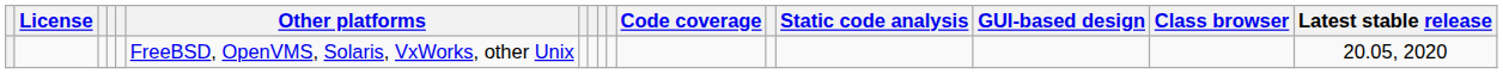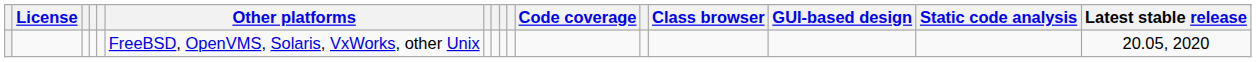 <table class="wikitable sortable sort-under" style="font-size: 85%; text-align: center; width: auto;">
 <tr>
 <th></th>
 <th><a href='#'>License</a></th>
 <th></th>
 <th></th>
 <th></th>
 <th><a href='#'>Other platforms</a></th>
 <th></th>
 <th></th>
 <th></th>
 <th></th>
 <th><a href='#'>Code coverage</a></th>
 <th></th>
+<th><a href='#'>Class browser</a></th>
+<th><a href='#'>GUI-based design</a></th>
 <th><a href='#'>Static code analysis</a></th>
-<th><a href='#'>GUI-based design</a></th>
-<th><a href='#'>Class browser</a></th>
 <th>Latest stable <a href='#'>release</a></th>
 </tr>
 <tr>
 <th></th>
 <td></td>
 <td></td>
 <td></td>
 <td></td>
 <td><a href='#'>FreeBSD</a>, <a href='#'>OpenVMS</a>, <a href='#'>Solaris</a>, <a href='#'>VxWorks</a>, other <a href='#'>Unix</a></td>
 <td></td>
 <td></td>
 <td></td>
 <td></td>
 <td></td>
 <td></td>
 <td></td>
 <td></td>
 <td></td>
 <td>20.05, 2020</td>
 </tr>
 </table>
